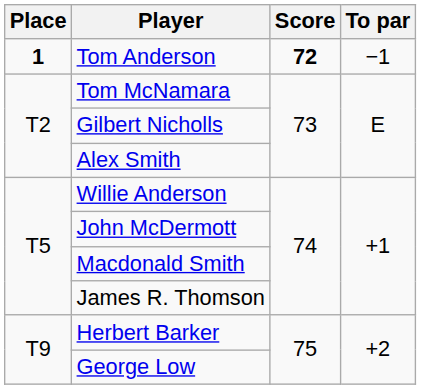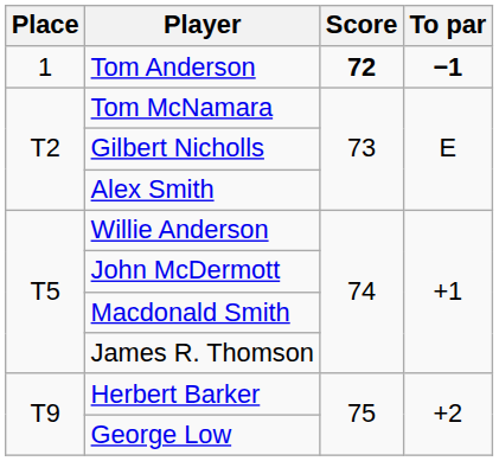 <table class=wikitable>
 <tr>
 <th>Place</th>
 <th>Player</th>
 <th>Score</th>
 <th>To par</th>
 </tr>
 <tr>
-<td align=center><strong>1</strong></td>
+<td align=center>1</td>
 <td> <a href='#'>Tom Anderson</a></td>
 <td align=center><strong>72</strong></td>
-<td align=center>−1</td>
+<td align=center><strong>−1</strong></td>
 </tr>
 <tr>
 <td align=center rowspan=3>T2</td>
 <td> <a href='#'>Tom McNamara</a></td>
 <td align=center rowspan=3>73</td>
 <td align=center rowspan=3>E</td>
 </tr>
 <tr>
 <td> <a href='#'>Gilbert Nicholls</a></td>
 </tr>
 <tr>
 <td> <a href='#'>Alex Smith</a></td>
 </tr>
 <tr>
 <td rowspan=4 align=center>T5</td>
 <td> <a href='#'>Willie Anderson</a></td>
 <td align=center rowspan=4>74</td>
 <td align=center rowspan=4>+1</td>
 </tr>
 <tr>
 <td> <a href='#'>John McDermott</a></td>
 </tr>
 <tr>
 <td> <a href='#'>Macdonald Smith</a></td>
 </tr>
 <tr>
 <td> James R. Thomson   </td>
 </tr>
 <tr>
 <td align=center rowspan=2>T9</td>
 <td> <a href='#'>Herbert Barker</a></td>
 <td align=center rowspan=2>75</td>
 <td align=center rowspan=2>+2</td>
 </tr>
 <tr>
 <td> <a href='#'>George Low</a></td>
 </tr>
 </table>
